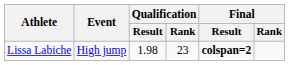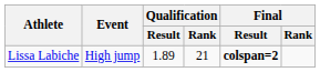 <table class="wikitable" style="font-size:90%">
 <tr>
 <th rowspan="2">Athlete</th>
 <th rowspan="2">Event</th>
 <th colspan="2">Qualification</th>
 <th colspan="2">Final</th>
 </tr>
 <tr style="font-size:95%">
 <th>Result</th>
 <th>Rank</th>
 <th>Result</th>
 <th>Rank</th>
 </tr>
 <tr style=text-align:center>
 <td style=text-align:left><a href='#'>Lissa Labiche</a></td>
 <td style=text-align:left><a href='#'>High jump</a></td>
-<td>1.98</td>
-<td>23</td>
+<td>1.89</td>
+<td>21</td>
 <td><strong>colspan=2 </strong></td>
 </tr>
 </table>
